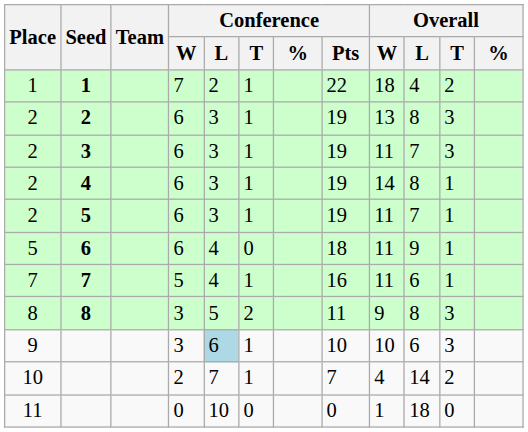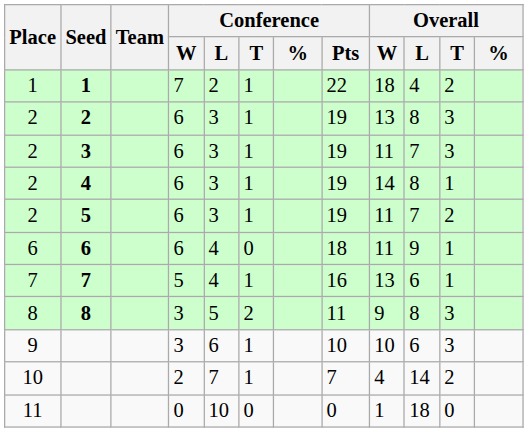 <table class="wikitable">
 <tr>
 <th rowspan ="2">Place</th>
 <th rowspan ="2">Seed</th>
 <th rowspan ="2">Team</th>
 <th colspan = "5">Conference</th>
 <th colspan = "4">Overall</th>
 </tr>
 <tr>
 <th scope="col" style="width: 20px;">W</th>
 <th scope="col" style="width: 20px;">L</th>
 <th scope="col" style="width: 20px;">T</th>
 <th scope="col" style="width: 30px;">%</th>
 <th scope="col" style="width: 30px;">Pts</th>
 <th scope="col" style="width: 20px;">W</th>
 <th scope="col" style="width: 20px;">L</th>
 <th scope="col" style="width: 20px;">T</th>
 <th scope="col" style="width: 30px;">%</th>
 </tr>
 <tr bgcolor=#ccffcc>
 <td style="text-align:center;">1</td>
 <td style="text-align:center;"><strong>1</strong></td>
 <td></td>
 <td>7</td>
 <td>2</td>
 <td>1</td>
 <td></td>
 <td>22</td>
 <td>18</td>
 <td>4</td>
 <td>2</td>
 <td></td>
 </tr>
 <tr bgcolor=#ccffcc>
 <td style="text-align:center;">2</td>
 <td style="text-align:center;"><strong>2</strong></td>
 <td></td>
 <td>6</td>
 <td>3</td>
 <td>1</td>
 <td></td>
 <td>19</td>
 <td>13</td>
 <td>8</td>
 <td>3</td>
 <td></td>
 </tr>
 <tr bgcolor=#ccffcc>
 <td style="text-align:center;">2</td>
 <td style="text-align:center;"><strong>3</strong></td>
 <td></td>
 <td>6</td>
 <td>3</td>
 <td>1</td>
 <td></td>
 <td>19</td>
 <td>11</td>
 <td>7</td>
 <td>3</td>
 <td></td>
 </tr>
 <tr bgcolor=#ccffcc>
 <td style="text-align:center;">2</td>
 <td style="text-align:center;"><strong>4</strong></td>
 <td></td>
 <td>6</td>
 <td>3</td>
 <td>1</td>
 <td></td>
 <td>19</td>
 <td>14</td>
 <td>8</td>
 <td>1</td>
 <td></td>
 </tr>
 <tr bgcolor=#ccffcc>
 <td style="text-align:center;">2</td>
 <td style="text-align:center;"><strong>5</strong></td>
 <td></td>
 <td>6</td>
 <td>3</td>
 <td>1</td>
 <td></td>
 <td>19</td>
 <td>11</td>
 <td>7</td>
-<td>1</td>
+<td>2</td>
 <td></td>
 </tr>
 <tr bgcolor=#ccffcc>
-<td style="text-align:center;">5</td>
+<td style="text-align:center;">6</td>
 <td style="text-align:center;"><strong>6</strong></td>
 <td></td>
 <td>6</td>
 <td>4</td>
 <td>0</td>
 <td></td>
 <td>18</td>
 <td>11</td>
 <td>9</td>
 <td>1</td>
 <td></td>
 </tr>
 <tr bgcolor=#ccffcc>
 <td style="text-align:center;">7</td>
 <td style="text-align:center;"><strong>7</strong></td>
 <td></td>
 <td>5</td>
 <td>4</td>
 <td>1</td>
 <td></td>
 <td>16</td>
-<td>11</td>
+<td>13</td>
 <td>6</td>
 <td>1</td>
 <td></td>
 </tr>
 <tr bgcolor=#ccffcc>
 <td style="text-align:center;">8</td>
 <td style="text-align:center;"><strong>8</strong></td>
 <td></td>
 <td>3</td>
 <td>5</td>
 <td>2</td>
 <td></td>
 <td>11</td>
 <td>9</td>
 <td>8</td>
 <td>3</td>
 <td></td>
 </tr>
 <tr>
 <td style="text-align:center;">9</td>
 <td style="text-align:center;"></td>
 <td></td>
 <td>3</td>
-<td style="background: lightblue;">6</td>
+<td>6</td>
 <td>1</td>
 <td></td>
 <td>10</td>
 <td>10</td>
 <td>6</td>
 <td>3</td>
 <td></td>
 </tr>
 <tr>
 <td style="text-align:center;">10</td>
 <td style="text-align:center;"></td>
 <td></td>
 <td>2</td>
 <td>7</td>
 <td>1</td>
 <td></td>
 <td>7</td>
 <td>4</td>
 <td>14</td>
 <td>2</td>
 <td></td>
 </tr>
 <tr>
 <td style="text-align:center;">11</td>
 <td style="text-align:center;"></td>
 <td></td>
 <td>0</td>
 <td>10</td>
 <td>0</td>
 <td></td>
 <td>0</td>
 <td>1</td>
 <td>18</td>
 <td>0</td>
 <td></td>
 </tr>
 </table>
